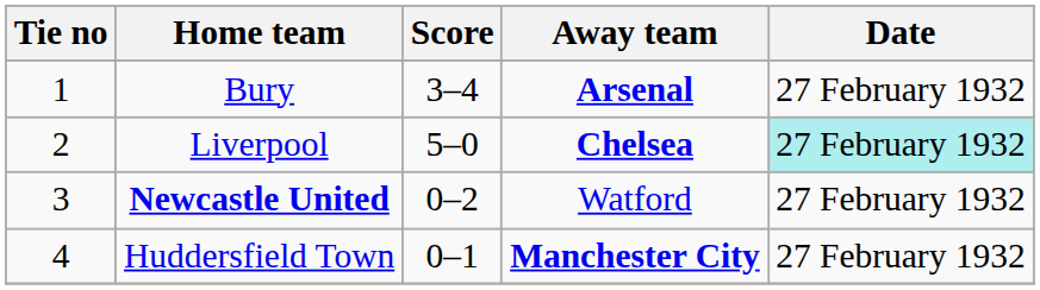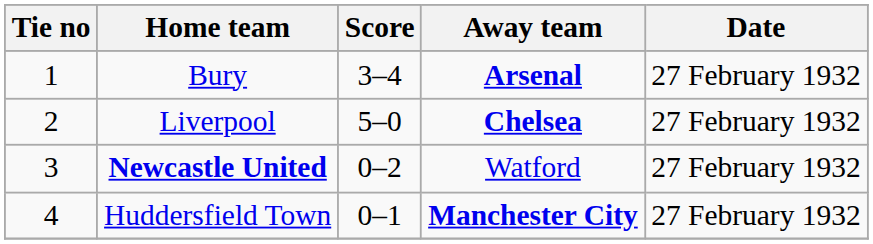 <table class="wikitable" style="text-align: center">
 <tr>
 <th>Tie no</th>
 <th>Home team</th>
 <th>Score</th>
 <th>Away team</th>
 <th>Date</th>
 </tr>
 <tr>
 <td>1</td>
 <td><a href='#'>Bury</a></td>
 <td>3–4</td>
 <td><strong><a href='#'>Arsenal</a></strong></td>
 <td>27 February 1932</td>
 </tr>
 <tr>
 <td>2</td>
 <td><a href='#'>Liverpool</a></td>
 <td>5–0</td>
 <td><strong><a href='#'>Chelsea</a></strong></td>
-<td style="background: paleturquoise;">27 February 1932</td>
+<td>27 February 1932</td>
 </tr>
 <tr>
 <td>3</td>
 <td><strong><a href='#'>Newcastle United</a></strong></td>
 <td>0–2</td>
 <td><a href='#'>Watford</a></td>
 <td>27 February 1932</td>
 </tr>
 <tr>
 <td>4</td>
 <td><a href='#'>Huddersfield Town</a></td>
 <td>0–1</td>
 <td><strong><a href='#'>Manchester City</a></strong></td>
 <td>27 February 1932</td>
 </tr>
 <tr>
 </tr>
 </table>
